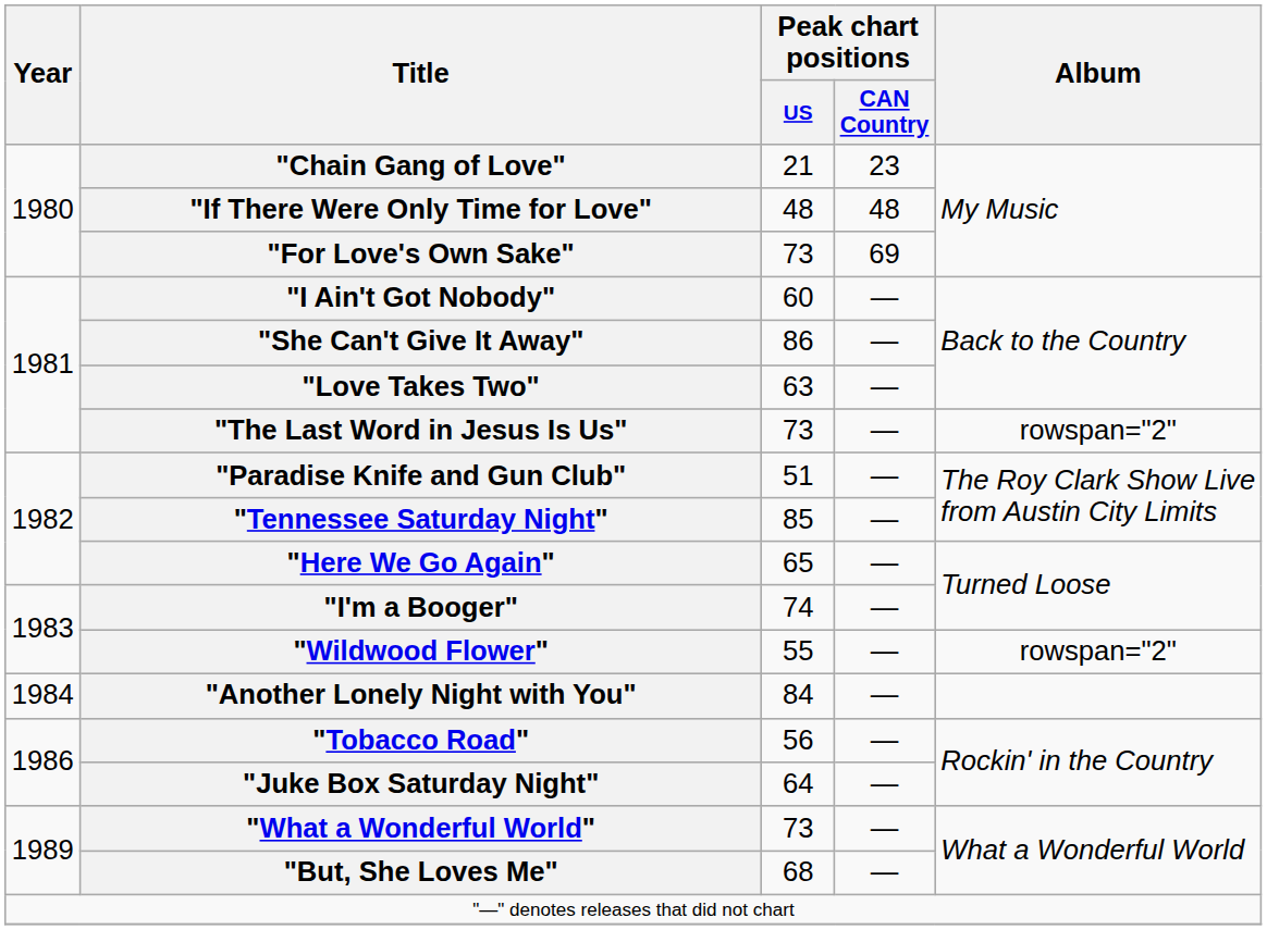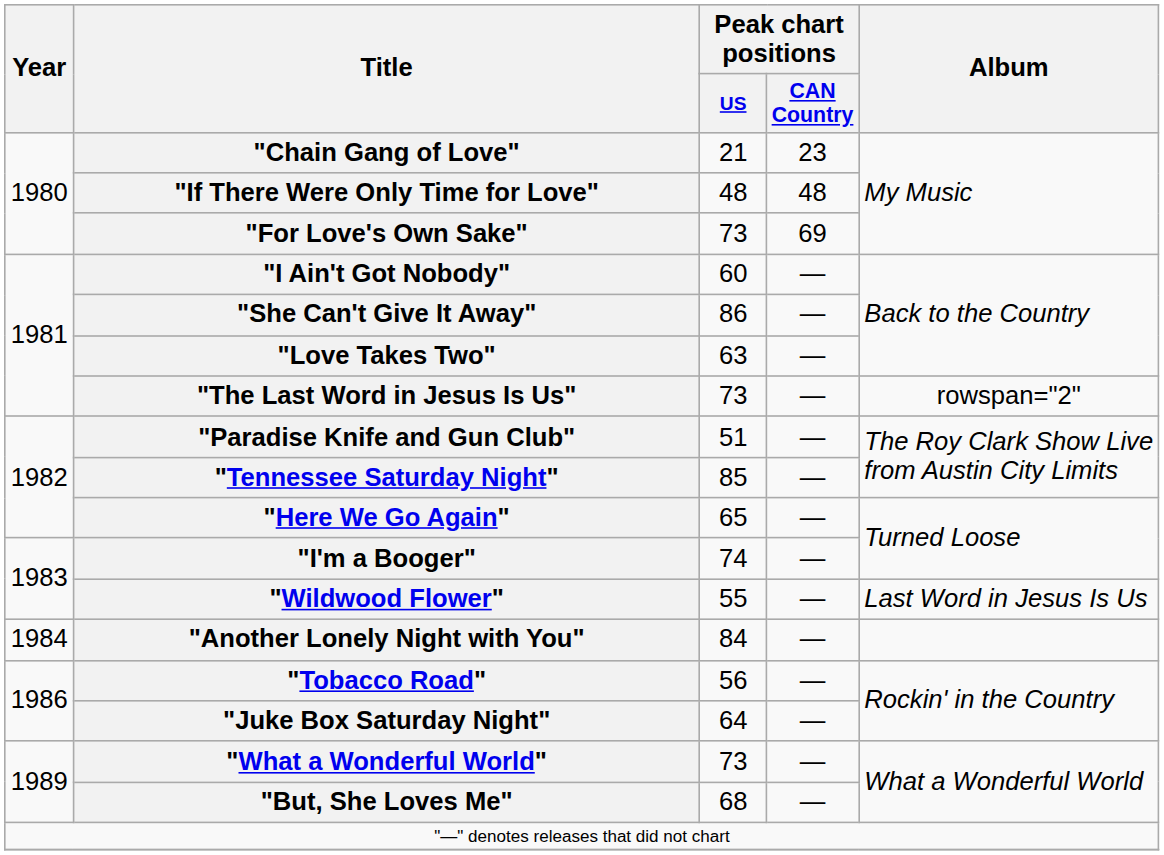 <table class="wikitable plainrowheaders" style="text-align:center;">
 <tr>
 <th rowspan="2">Year</th>
 <th rowspan="2" style="width:24em;">Title</th>
 <th colspan="2">Peak chart<br>positions</th>
 <th rowspan="2">Album</th>
 </tr>
 <tr style="font-size:smaller;">
 <th scope="col" style="width:3em;font-size:90%;"><a href='#'>US </a><br></th>
 <th width="45"><a href='#'>CAN Country</a></th>
 </tr>
 <tr>
 <td rowspan="3">1980</td>
 <th scope="row">"Chain Gang of Love"</th>
 <td>21</td>
 <td>23</td>
 <td align="left" rowspan="3"><em>My Music</em></td>
 </tr>
 <tr>
 <th scope="row">"If There Were Only Time for Love"</th>
 <td>48</td>
 <td>48</td>
 </tr>
 <tr>
 <th scope="row">"For Love's Own Sake"</th>
 <td>73</td>
 <td>69</td>
 </tr>
 <tr>
 <td rowspan="4">1981</td>
 <th scope="row">"I Ain't Got Nobody"</th>
 <td>60</td>
 <td>—</td>
 <td align="left" rowspan="3"><em>Back to the Country</em></td>
 </tr>
 <tr>
 <th scope="row">"She Can't Give It Away"</th>
 <td>86</td>
 <td>—</td>
 </tr>
 <tr>
 <th scope="row">"Love Takes Two"</th>
 <td>63</td>
 <td>—</td>
 </tr>
 <tr>
 <th scope="row">"The Last Word in Jesus Is Us"</th>
 <td>73</td>
 <td>—</td>
 <td>rowspan="2" </td>
 </tr>
 <tr>
 <td rowspan="3">1982</td>
 <th scope="row">"Paradise Knife and Gun Club"</th>
 <td>51</td>
 <td>—</td>
 <td align="left" rowspan="2"><em>The Roy Clark Show Live<br>from Austin City Limits</em></td>
 </tr>
 <tr>
 <th scope="row">"<a href='#'>Tennessee Saturday Night</a>"</th>
 <td>85</td>
 <td>—</td>
 </tr>
 <tr>
 <th scope="row">"<a href='#'>Here We Go Again</a>"</th>
 <td>65</td>
 <td>—</td>
 <td align="left" rowspan="2"><em>Turned Loose</em></td>
 </tr>
 <tr>
 <td rowspan="2">1983</td>
 <th scope="row">"I'm a Booger"</th>
 <td>74</td>
 <td>—</td>
 </tr>
 <tr>
 <th scope="row">"<a href='#'>Wildwood Flower</a>"</th>
 <td>55</td>
 <td>—</td>
-<td>rowspan="2" </td>
+<td align="left"><em>Last Word in Jesus Is Us</em></td>
 </tr>
 <tr>
 <td>1984</td>
 <th scope="row">"Another Lonely Night with You"</th>
 <td>84</td>
 <td>—</td>
 </tr>
 <tr>
 <td rowspan="2">1986</td>
 <th scope="row">"<a href='#'>Tobacco Road</a>"</th>
 <td>56</td>
 <td>—</td>
 <td align="left" rowspan="2"><em>Rockin' in the Country</em></td>
 </tr>
 <tr>
 <th scope="row">"Juke Box Saturday Night"</th>
 <td>64</td>
 <td>—</td>
 </tr>
 <tr>
 <td rowspan="2">1989</td>
 <th scope="row">"<a href='#'>What a Wonderful World</a>"</th>
 <td>73</td>
 <td>—</td>
 <td align="left" rowspan="2"><em>What a Wonderful World</em></td>
 </tr>
 <tr>
 <th scope="row">"But, She Loves Me"</th>
 <td>68</td>
 <td>—</td>
 </tr>
 <tr>
 <td colspan="5" style="font-size: 8pt">"—" denotes releases that did not chart</td>
 </tr>
 <tr>
 </tr>
 </table>
